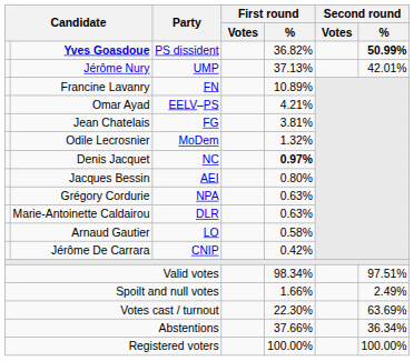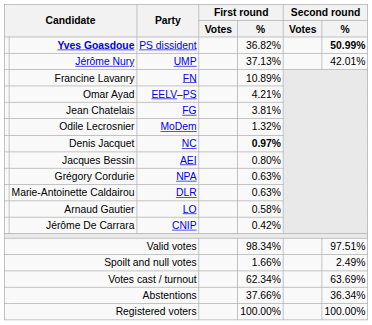 <table class="wikitable" style="text-align:right;font-size:95%;">
 <tr>
 <th rowspan=2 colspan=2>Candidate</th>
 <th rowspan=2 colspan=1>Party</th>
 <th colspan=2>First round</th>
 <th colspan=2>Second round</th>
 </tr>
 <tr>
 <th style="width:50px;">Votes</th>
 <th style="width:55px;">%</th>
 <th style="width:50px;">Votes</th>
 <th style="width:55px;">%</th>
 </tr>
 <tr>
 <td style="background-color:"></td>
 <td><strong><a href='#'>Yves Goasdoue</a></strong></td>
 <td><a href='#'>PS dissident</a></td>
 <td></td>
 <td>36.82%</td>
 <td><strong></strong></td>
 <td><strong>50.99%</strong></td>
 </tr>
 <tr>
 <td style="background-color:"></td>
 <td><a href='#'>Jérôme Nury</a></td>
 <td><a href='#'>UMP</a></td>
 <td></td>
 <td>37.13%</td>
 <td></td>
 <td>42.01%</td>
 </tr>
 <tr>
 <td style="background-color:"></td>
 <td>Francine Lavanry</td>
 <td><a href='#'>FN</a></td>
 <td></td>
 <td>10.89%</td>
 <td colspan=7 rowspan=10 style="background-color:#E9E9E9;"></td>
 </tr>
 <tr>
 <td style="background-color:"></td>
 <td>Omar Ayad</td>
 <td><a href='#'>EELV</a>–<a href='#'>PS</a></td>
 <td></td>
 <td>4.21%</td>
 </tr>
 <tr>
 <td style="background-color:"></td>
 <td>Jean Chatelais</td>
 <td><a href='#'>FG</a></td>
 <td></td>
 <td>3.81%</td>
 </tr>
 <tr>
 <td style="background-color:"></td>
 <td>Odile Lecrosnier</td>
 <td><a href='#'>MoDem</a></td>
 <td></td>
 <td>1.32%</td>
 </tr>
 <tr>
 <td style="background-color:"></td>
 <td>Denis Jacquet</td>
 <td><a href='#'>NC</a></td>
 <td></td>
 <td><strong>0.97%</strong></td>
 </tr>
 <tr>
 <td style="background-color:"></td>
 <td>Jacques Bessin</td>
 <td><a href='#'>AEI</a></td>
 <td></td>
 <td>0.80%</td>
 </tr>
 <tr>
 <td style="background-color:"></td>
 <td>Grégory Cordurie</td>
 <td><a href='#'>NPA</a></td>
 <td></td>
 <td>0.63%</td>
 </tr>
 <tr>
 <td style="background-color:"></td>
 <td>Marie-Antoinette Caldairou</td>
 <td><a href='#'>DLR</a></td>
 <td></td>
 <td>0.63%</td>
 </tr>
 <tr>
 <td style="background-color:"></td>
 <td>Arnaud Gautier</td>
 <td><a href='#'>LO</a></td>
 <td></td>
 <td>0.58%</td>
 </tr>
 <tr>
 <td style="background-color:"></td>
 <td>Jérôme De Carrara</td>
 <td><a href='#'>CNIP</a></td>
 <td></td>
 <td>0.42%</td>
 </tr>
 <tr>
 <td colspan=7 style="background-color:#E9E9E9;"></td>
 </tr>
 <tr>
 <td colspan=3>Valid votes</td>
 <td></td>
 <td>98.34%</td>
 <td></td>
 <td>97.51%</td>
 </tr>
 <tr>
 <td colspan=3>Spoilt and null votes</td>
 <td></td>
 <td>1.66%</td>
 <td></td>
 <td>2.49%</td>
 </tr>
 <tr>
 <td colspan=3>Votes cast / turnout</td>
 <td></td>
-<td>22.30%</td>
+<td>62.34%</td>
 <td></td>
 <td>63.69%</td>
 </tr>
 <tr>
 <td colspan=3>Abstentions</td>
 <td></td>
 <td>37.66%</td>
 <td></td>
 <td>36.34%</td>
 </tr>
 <tr>
 <td colspan=3>Registered voters</td>
 <td></td>
 <td>100.00%</td>
 <td></td>
 <td>100.00%</td>
 </tr>
 </table>
